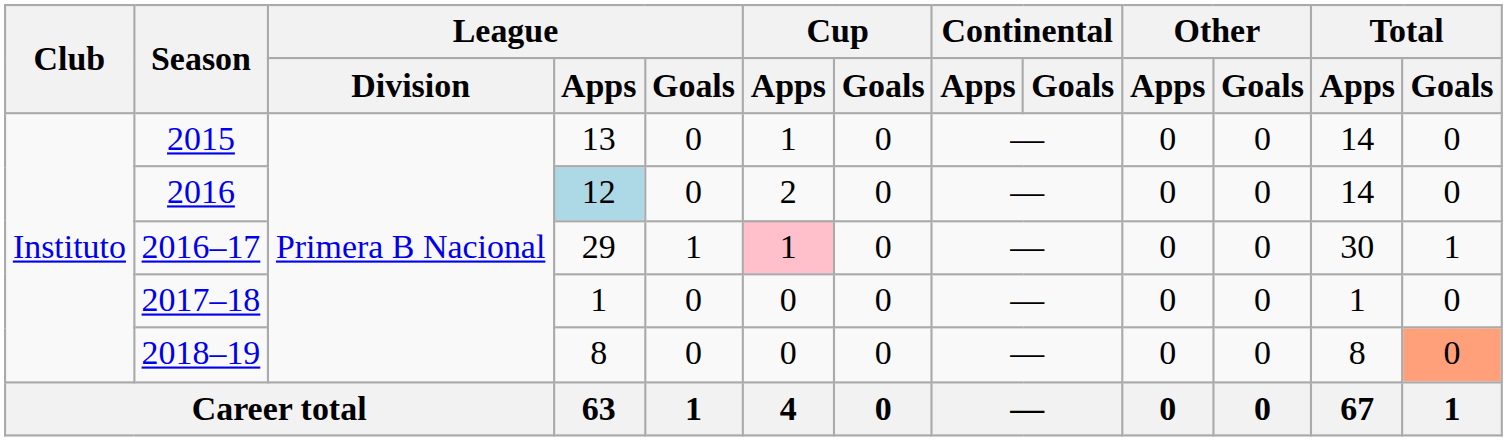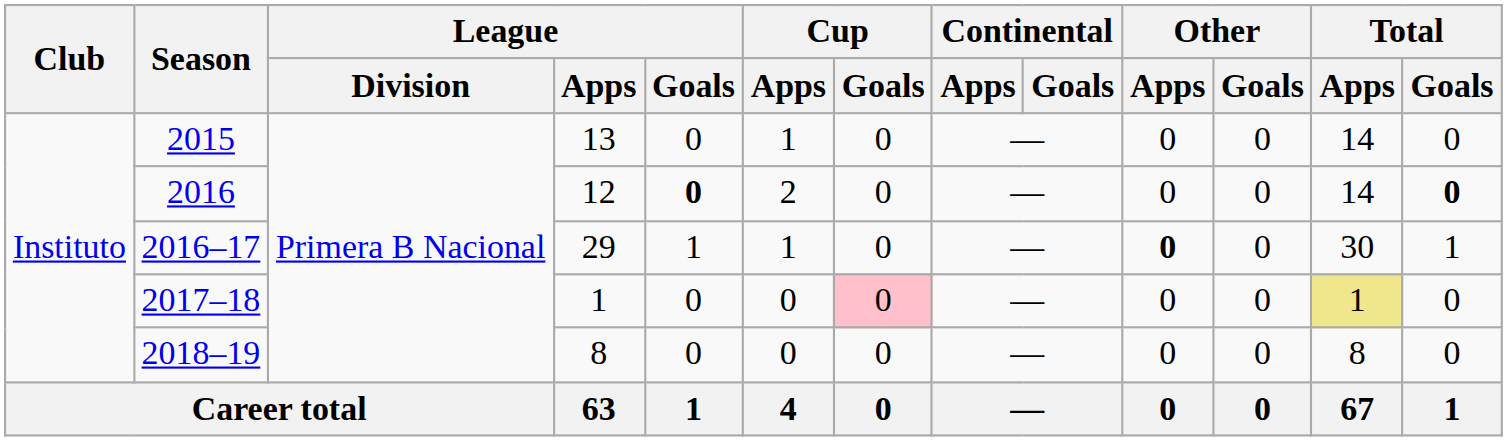 <table class="wikitable" style="text-align:center">
 <tr>
 <th rowspan="2">Club</th>
 <th rowspan="2">Season</th>
 <th colspan="3">League</th>
 <th colspan="2">Cup</th>
 <th colspan="2">Continental</th>
 <th colspan="2">Other</th>
 <th colspan="2">Total</th>
 </tr>
 <tr>
 <th>Division</th>
 <th>Apps</th>
 <th>Goals</th>
 <th>Apps</th>
 <th>Goals</th>
 <th>Apps</th>
 <th>Goals</th>
 <th>Apps</th>
 <th>Goals</th>
 <th>Apps</th>
 <th>Goals</th>
 </tr>
 <tr>
 <td rowspan="5"><a href='#'>Instituto</a></td>
 <td><a href='#'>2015</a></td>
 <td rowspan="5"><a href='#'>Primera B Nacional</a></td>
 <td>13</td>
 <td>0</td>
 <td>1</td>
 <td>0</td>
 <td colspan="2">—</td>
 <td>0</td>
 <td>0</td>
 <td>14</td>
 <td>0</td>
 </tr>
 <tr>
 <td><a href='#'>2016</a></td>
-<td style="background: lightblue;">12</td>
-<td>0</td>
+<td>12</td>
+<td><strong>0</strong></td>
 <td>2</td>
 <td>0</td>
 <td colspan="2">—</td>
 <td>0</td>
 <td>0</td>
 <td>14</td>
-<td>0</td>
+<td><strong>0</strong></td>
 </tr>
 <tr>
 <td><a href='#'>2016–17</a></td>
 <td>29</td>
 <td>1</td>
-<td style="background: pink;">1</td>
+<td>1</td>
 <td>0</td>
 <td colspan="2">—</td>
-<td>0</td>
+<td><strong>0</strong></td>
 <td>0</td>
 <td>30</td>
 <td>1</td>
 </tr>
 <tr>
 <td><a href='#'>2017–18</a></td>
 <td>1</td>
 <td>0</td>
 <td>0</td>
-<td>0</td>
+<td style="background: pink;">0</td>
 <td colspan="2">—</td>
 <td>0</td>
 <td>0</td>
-<td>1</td>
+<td style="background: khaki;">1</td>
 <td>0</td>
 </tr>
 <tr>
 <td><a href='#'>2018–19</a></td>
 <td>8</td>
 <td>0</td>
 <td>0</td>
 <td>0</td>
 <td colspan="2">—</td>
 <td>0</td>
 <td>0</td>
 <td>8</td>
-<td style="background: lightsalmon;">0</td>
+<td>0</td>
 </tr>
 <tr>
 <th colspan="3">Career total</th>
 <th>63</th>
 <th>1</th>
 <th>4</th>
 <th>0</th>
 <th colspan="2">—</th>
 <th>0</th>
 <th>0</th>
 <th>67</th>
 <th>1</th>
 </tr>
 </table>
